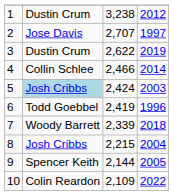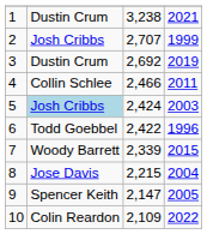 <table class="wikitable" style="display:inline-table;">
 <tr>
 </tr>
 <tr>
 <td>1</td>
 <td>Dustin Crum</td>
 <td>3,238</td>
-<td><a href='#'>2012</a></td>
+<td><a href='#'>2021</a></td>
 </tr>
 <tr>
 <td>2</td>
-<td><a href='#'>Jose Davis</a></td>
+<td><a href='#'>Josh Cribbs</a></td>
 <td>2,707</td>
-<td><a href='#'>1997</a></td>
+<td><a href='#'>1999</a></td>
 </tr>
 <tr>
 <td>3</td>
 <td>Dustin Crum</td>
-<td>2,622</td>
+<td>2,692</td>
 <td><a href='#'>2019</a></td>
 </tr>
 <tr>
 <td>4</td>
 <td>Collin Schlee</td>
 <td>2,466</td>
-<td><a href='#'>2014</a></td>
+<td><a href='#'>2011</a></td>
 </tr>
 <tr>
 <td>5</td>
 <td style="background: lightblue;"><a href='#'>Josh Cribbs</a></td>
 <td>2,424</td>
 <td><a href='#'>2003</a></td>
 </tr>
 <tr>
 <td>6</td>
 <td>Todd Goebbel</td>
-<td>2,419</td>
+<td>2,422</td>
 <td><a href='#'>1996</a></td>
 </tr>
 <tr>
 <td>7</td>
 <td>Woody Barrett</td>
 <td>2,339</td>
-<td><a href='#'>2018</a></td>
+<td><a href='#'>2015</a></td>
 </tr>
 <tr>
 <td>8</td>
-<td><a href='#'>Josh Cribbs</a></td>
+<td><a href='#'>Jose Davis</a></td>
 <td>2,215</td>
 <td><a href='#'>2004</a></td>
 </tr>
 <tr>
 <td>9</td>
 <td>Spencer Keith</td>
-<td>2,144</td>
+<td>2,147</td>
 <td><a href='#'>2005</a></td>
 </tr>
 <tr>
 <td>10</td>
 <td>Colin Reardon</td>
 <td>2,109</td>
 <td><a href='#'>2022</a></td>
 </tr>
 </table>
